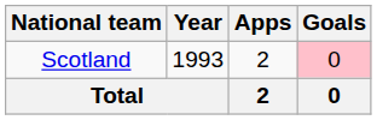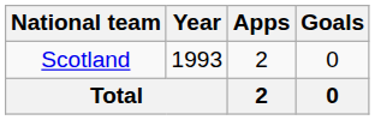 <table class="wikitable" style="text-align:center">
 <tr>
 <th>National team</th>
 <th>Year</th>
 <th>Apps</th>
 <th>Goals</th>
 </tr>
 <tr>
 <td><a href='#'>Scotland</a></td>
 <td>1993</td>
 <td>2</td>
-<td style="background: pink;">0</td>
+<td>0</td>
 </tr>
 <tr>
 <th colspan="2">Total</th>
 <th>2</th>
 <th>0</th>
 </tr>
 </table>
